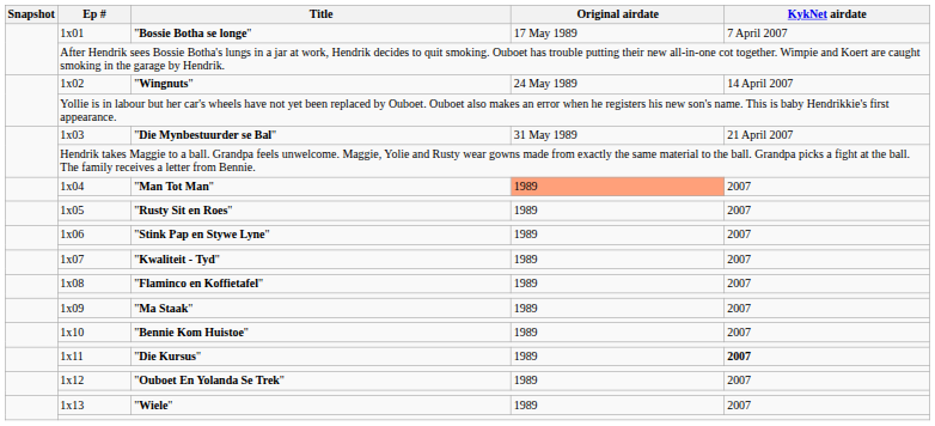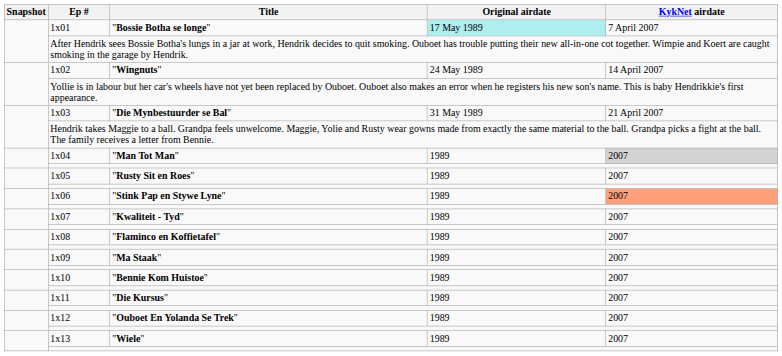 <table class="wikitable">
 <tr>
 <th>Snapshot</th>
 <th>Ep #</th>
 <th>Title</th>
 <th>Original airdate</th>
 <th><a href='#'>KykNet</a> airdate</th>
 </tr>
 <tr>
 <td rowspan="2"></td>
 <td>1x01</td>
 <td>"<strong>Bossie Botha se longe</strong>"</td>
-<td>17 May 1989</td>
+<td style="background: paleturquoise;">17 May 1989</td>
 <td>7 April 2007</td>
 </tr>
 <tr>
 <td colspan="6">After Hendrik sees Bossie Botha's lungs in a jar at work, Hendrik decides to quit smoking. Ouboet has trouble putting their new all-in-one cot together. Wimpie and Koert are caught smoking in the garage by Hendrik.</td>
 </tr>
 <tr>
 <td rowspan="2"></td>
 <td>1x02</td>
 <td>"<strong>Wingnuts</strong>"</td>
 <td>24 May 1989</td>
 <td>14 April 2007</td>
 </tr>
 <tr>
 <td colspan="6">Yollie is in labour but her car's wheels have not yet been replaced by Ouboet.  Ouboet also makes an error when he registers his new son's name. This is baby Hendrikkie's first appearance.</td>
 </tr>
 <tr>
 <td rowspan="2"></td>
 <td>1x03</td>
 <td>"<strong>Die Mynbestuurder se Bal</strong>"</td>
 <td>31 May 1989</td>
 <td>21 April 2007</td>
 </tr>
 <tr>
 <td colspan="6">Hendrik takes Maggie to a ball. Grandpa feels unwelcome. Maggie, Yolie and Rusty wear gowns made from exactly the same material to the ball. Grandpa picks a fight at the ball. The family receives a letter from Bennie.</td>
 </tr>
 <tr>
 <td rowspan="2"></td>
 <td>1x04</td>
 <td>"<strong>Man Tot Man</strong>"</td>
-<td style="background: lightsalmon;">1989</td>
-<td>2007</td>
+<td>1989</td>
+<td style="background: lightgrey;">2007</td>
 </tr>
 <tr>
 <td colspan="6"></td>
 </tr>
 <tr>
 <td rowspan="2"></td>
 <td>1x05</td>
 <td>"<strong>Rusty Sit en Roes</strong>"</td>
 <td>1989</td>
 <td>2007</td>
 </tr>
 <tr>
 <td colspan="6"></td>
 </tr>
 <tr>
 <td rowspan="2"></td>
 <td>1x06</td>
 <td>"<strong>Stink Pap en Stywe Lyne</strong>"</td>
 <td>1989</td>
-<td>2007</td>
+<td style="background: lightsalmon;">2007</td>
 </tr>
 <tr>
 <td colspan="6"></td>
 </tr>
 <tr>
 <td rowspan="2"></td>
 <td>1x07</td>
 <td>"<strong>Kwaliteit - Tyd</strong>"</td>
 <td>1989</td>
 <td>2007</td>
 </tr>
 <tr>
 <td colspan="6"></td>
 </tr>
 <tr>
 <td rowspan="2"></td>
 <td>1x08</td>
 <td>"<strong>Flaminco en Koffietafel</strong>"</td>
 <td>1989</td>
 <td>2007</td>
 </tr>
 <tr>
 <td colspan="6"></td>
 </tr>
 <tr>
 <td rowspan="2"></td>
 <td>1x09</td>
 <td>"<strong>Ma Staak</strong>"</td>
 <td>1989</td>
 <td>2007</td>
 </tr>
 <tr>
 <td colspan="6"></td>
 </tr>
 <tr>
 <td rowspan="2"></td>
 <td>1x10</td>
 <td>"<strong>Bennie Kom Huistoe</strong>"</td>
 <td>1989</td>
 <td>2007</td>
 </tr>
 <tr>
 <td colspan="6"></td>
 </tr>
 <tr>
 <td rowspan="2"></td>
 <td>1x11</td>
 <td>"<strong>Die Kursus</strong>"</td>
 <td>1989</td>
-<td><strong>2007</strong></td>
+<td>2007</td>
 </tr>
 <tr>
 <td colspan="6"></td>
 </tr>
 <tr>
 <td rowspan="2"></td>
 <td>1x12</td>
 <td>"<strong>Ouboet En Yolanda Se Trek</strong>"</td>
 <td>1989</td>
 <td>2007</td>
 </tr>
 <tr>
 <td colspan="6"></td>
 </tr>
 <tr>
 <td rowspan="2"></td>
 <td>1x13</td>
 <td>"<strong>Wiele</strong>"</td>
 <td>1989</td>
 <td>2007</td>
 </tr>
 <tr>
 <td colspan="6"></td>
 </tr>
 </table>
